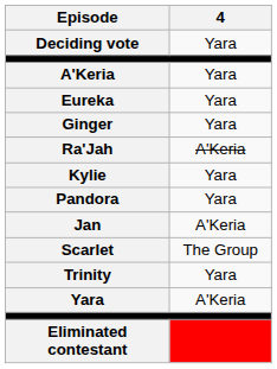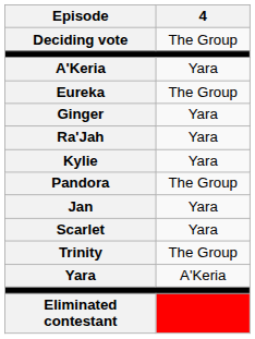 <table class="wikitable" style="text-align:center;">
 <tr>
 <th scope="col" style="width:10em;">Episode</th>
 <th scope="col" style="width:6em;">4</th>
 </tr>
 <tr>
 <th scope="row" style="width:9em;"><strong>Deciding vote</strong></th>
-<td>Yara</td>
+<td>The Group</td>
 </tr>
 <tr>
 <td colspan="2" style="background:black;"></td>
 </tr>
 <tr>
 <th scope="row">A'Keria</th>
 <td>Yara</td>
 </tr>
 <tr>
 <th scope="row">Eureka</th>
-<td>Yara</td>
+<td>The Group</td>
 </tr>
 <tr>
 <th scope="row">Ginger</th>
 <td>Yara</td>
 </tr>
 <tr>
 <th scope="row">Ra'Jah</th>
-<td><s>A'Keria</s></td>
+<td>Yara</td>
 </tr>
 <tr>
 <th scope="row">Kylie</th>
 <td>Yara</td>
 </tr>
 <tr>
 <th scope="row">Pandora</th>
+<td>The Group</td>
+</tr>
+<tr>
+<th scope="row">Jan</th>
 <td>Yara</td>
 </tr>
 <tr>
-<th scope="row">Jan</th>
-<td>A'Keria</td>
-</tr>
-<tr>
 <th scope="row">Scarlet</th>
-<td>The Group</td>
+<td>Yara</td>
 </tr>
 <tr>
 <th scope="row">Trinity</th>
-<td>Yara</td>
+<td>The Group</td>
 </tr>
 <tr>
 <th scope="row">Yara</th>
 <td>A'Keria</td>
 </tr>
 <tr>
 <td colspan="2" style="background:black;"></td>
 </tr>
 <tr>
 <th scope="row"><strong>Eliminated contestant</strong></th>
 <td style="background:red;"><strong></strong></td>
 </tr>
 </table>
